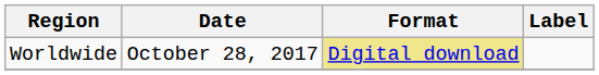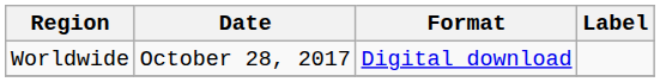 <table class="wikitable">
 <tr>
 <th>Region</th>
 <th>Date</th>
 <th>Format</th>
 <th>Label</th>
 </tr>
 <tr>
 <td>Worldwide</td>
 <td>October 28, 2017</td>
-<td style="background: khaki;"><a href='#'>Digital download</a></td>
+<td><a href='#'>Digital download</a></td>
 <td></td>
 </tr>
 <tr>
 </tr>
 </table>
